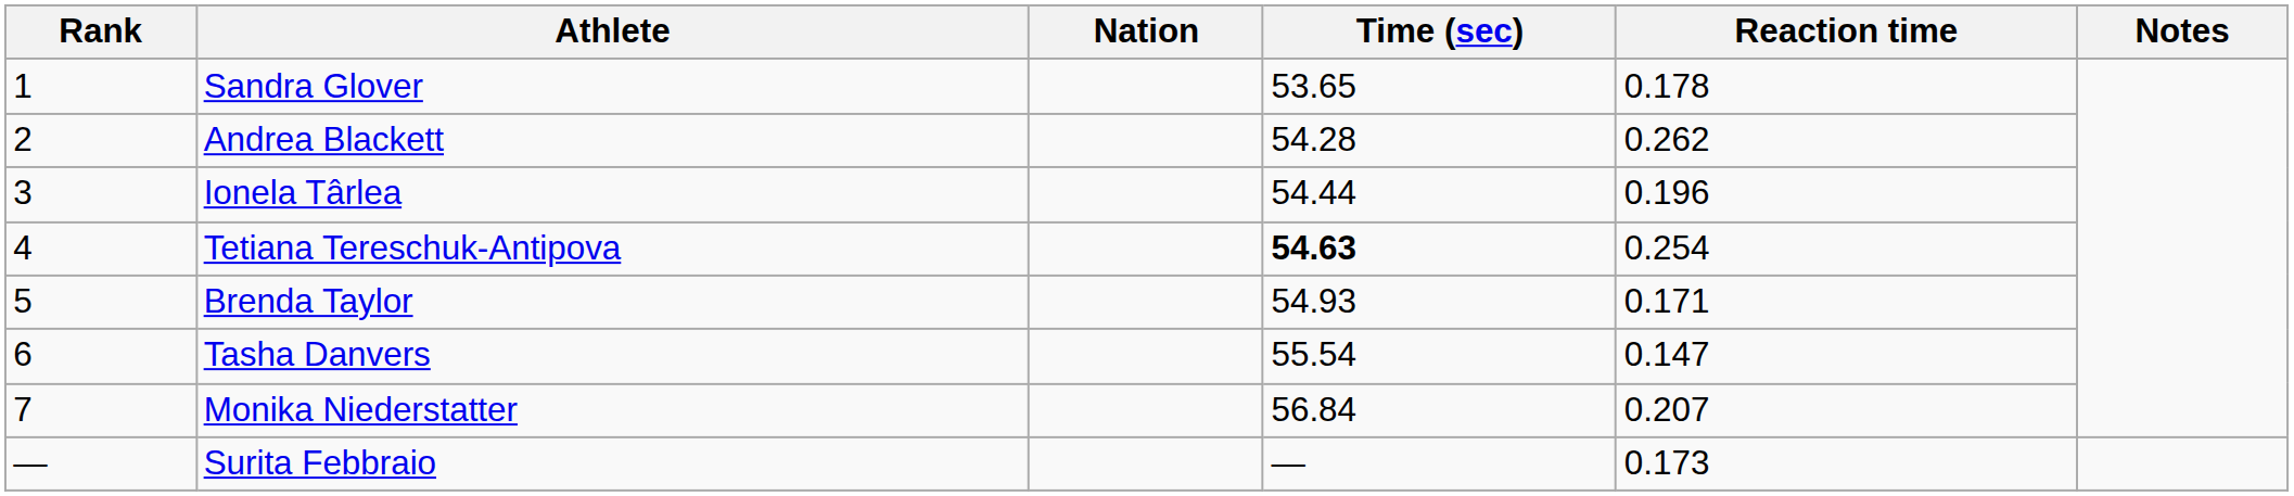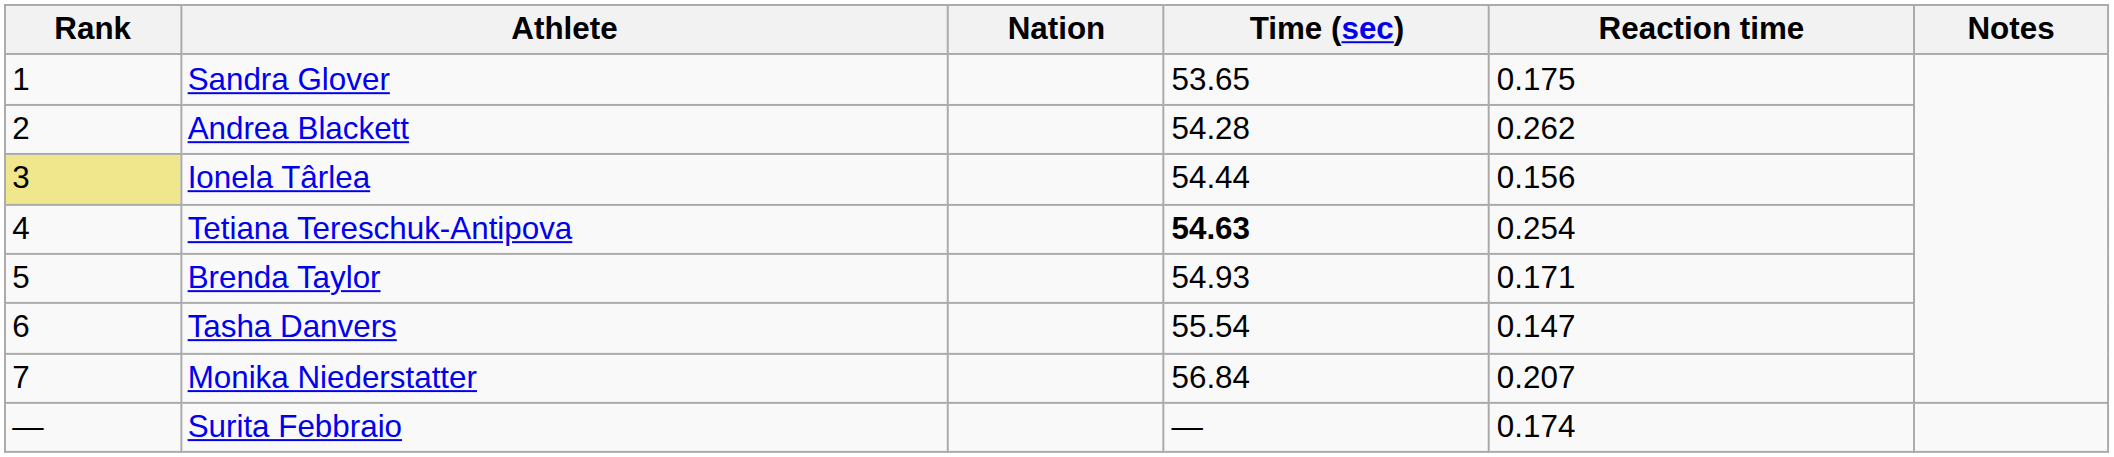 <table class="wikitable" style="text=align:center;" width=85%>
 <tr>
 <th>Rank</th>
 <th>Athlete</th>
 <th>Nation</th>
 <th>Time (<a href='#'>sec</a>)</th>
 <th>Reaction time</th>
 <th>Notes</th>
 </tr>
 <tr>
 <td>1</td>
 <td><a href='#'>Sandra Glover</a></td>
 <td></td>
 <td>53.65</td>
-<td>0.178</td>
+<td>0.175</td>
 </tr>
 <tr>
 <td>2</td>
 <td><a href='#'>Andrea Blackett</a></td>
 <td></td>
 <td>54.28</td>
 <td>0.262</td>
 </tr>
 <tr>
-<td>3</td>
+<td style="background: khaki;">3</td>
 <td><a href='#'>Ionela Târlea</a></td>
 <td></td>
 <td>54.44</td>
-<td>0.196</td>
+<td>0.156</td>
 </tr>
 <tr>
 <td>4</td>
 <td><a href='#'>Tetiana Tereschuk-Antipova</a></td>
 <td></td>
 <td><strong>54.63</strong></td>
 <td>0.254</td>
 </tr>
 <tr>
 <td>5</td>
 <td><a href='#'>Brenda Taylor</a></td>
 <td></td>
 <td>54.93</td>
 <td>0.171</td>
 </tr>
 <tr>
 <td>6</td>
 <td><a href='#'>Tasha Danvers</a></td>
 <td></td>
 <td>55.54</td>
 <td>0.147</td>
 </tr>
 <tr>
 <td>7</td>
 <td><a href='#'>Monika Niederstatter</a></td>
 <td></td>
 <td>56.84</td>
 <td>0.207</td>
 </tr>
 <tr>
 <td>—</td>
 <td><a href='#'>Surita Febbraio</a></td>
 <td></td>
 <td>—</td>
-<td>0.173</td>
+<td>0.174</td>
 <td></td>
 </tr>
 </table>
